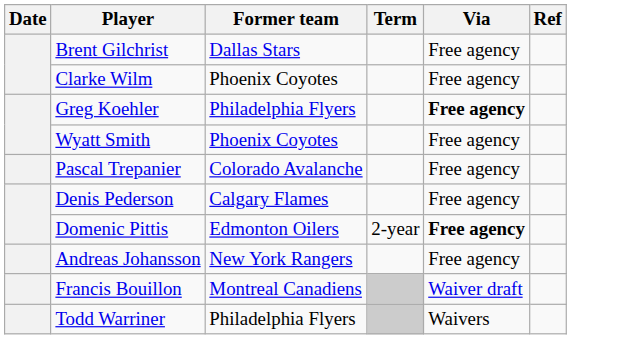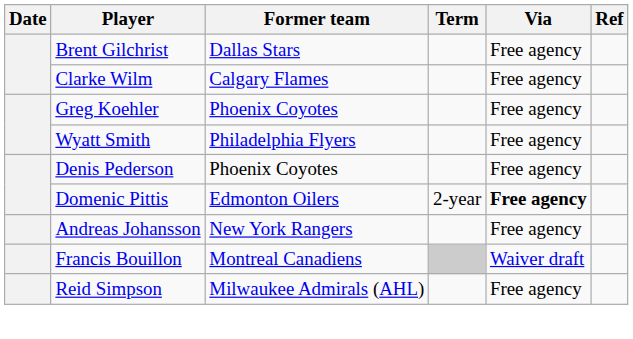 <table class="wikitable plainrowheaders">
 <tr style="background:#ddd; text-align:center;">
 <th>Date</th>
 <th>Player</th>
 <th>Former team</th>
 <th>Term</th>
 <th>Via</th>
 <th>Ref</th>
 </tr>
 <tr>
 <th scope="row" rowspan=2></th>
 <td><a href='#'>Brent Gilchrist</a></td>
 <td><a href='#'>Dallas Stars</a></td>
 <td></td>
 <td>Free agency</td>
 <td></td>
 </tr>
 <tr>
 <td><a href='#'>Clarke Wilm</a></td>
-<td>Phoenix Coyotes</td>
+<td><a href='#'>Calgary Flames</a></td>
 <td></td>
 <td>Free agency</td>
 <td></td>
 </tr>
 <tr>
 <th scope="row" rowspan=2></th>
 <td><a href='#'>Greg Koehler</a></td>
-<td><a href='#'>Philadelphia Flyers</a></td>
-<td></td>
-<td><strong>Free agency</strong></td>
-<td></td>
-</tr>
-<tr>
-<td><a href='#'>Wyatt Smith</a></td>
 <td><a href='#'>Phoenix Coyotes</a></td>
 <td></td>
 <td>Free agency</td>
 <td></td>
 </tr>
 <tr>
-<th scope="row"></th>
-<td><a href='#'>Pascal Trepanier</a></td>
-<td><a href='#'>Colorado Avalanche</a></td>
+<td><a href='#'>Wyatt Smith</a></td>
+<td><a href='#'>Philadelphia Flyers</a></td>
 <td></td>
 <td>Free agency</td>
 <td></td>
 </tr>
 <tr>
 <th scope="row" rowspan=2></th>
 <td><a href='#'>Denis Pederson</a></td>
-<td><a href='#'>Calgary Flames</a></td>
+<td>Phoenix Coyotes</td>
 <td></td>
 <td>Free agency</td>
 <td></td>
 </tr>
 <tr>
 <td><a href='#'>Domenic Pittis</a></td>
 <td><a href='#'>Edmonton Oilers</a></td>
 <td>2-year</td>
 <td><strong>Free agency</strong></td>
 <td></td>
 </tr>
 <tr>
 <th scope="row"></th>
 <td><a href='#'>Andreas Johansson</a></td>
 <td><a href='#'>New York Rangers</a></td>
 <td></td>
 <td>Free agency</td>
 <td></td>
 </tr>
 <tr>
 <th scope="row"></th>
 <td><a href='#'>Francis Bouillon</a></td>
 <td><a href='#'>Montreal Canadiens</a></td>
 <td style="background:#ccc"></td>
 <td><a href='#'>Waiver draft</a></td>
 <td></td>
 </tr>
 <tr>
 <th scope="row"></th>
-<td><a href='#'>Todd Warriner</a></td>
-<td>Philadelphia Flyers</td>
-<td style="background:#ccc"></td>
-<td>Waivers</td>
+<td><a href='#'>Reid Simpson</a></td>
+<td><a href='#'>Milwaukee Admirals</a> (<a href='#'>AHL</a>)</td>
+<td></td>
+<td>Free agency</td>
 <td></td>
 </tr>
 </table>
